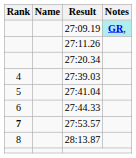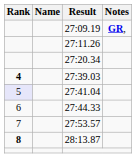 <table class="wikitable sortable" style="text-align:center">
 <tr>
 <th>Rank</th>
 <th>Name</th>
 <th>Result</th>
 <th>Notes</th>
 </tr>
 <tr>
 <td></td>
 <td align="left"></td>
 <td>27:09.19</td>
-<td style="background: paleturquoise;"><strong><a href='#'>GR</a></strong>, </td>
+<td><strong><a href='#'>GR</a></strong>, </td>
 </tr>
 <tr>
 <td></td>
 <td align="left"></td>
 <td>27:11.26</td>
 <td></td>
 </tr>
 <tr>
 <td></td>
 <td align="left"></td>
 <td>27:20.34</td>
 <td></td>
 </tr>
 <tr>
-<td>4</td>
+<td><strong>4</strong></td>
 <td align="left"></td>
 <td>27:39.03</td>
 <td></td>
 </tr>
 <tr>
-<td>5</td>
+<td style="background: lavender;">5</td>
 <td align="left"></td>
 <td>27:41.04</td>
 <td></td>
 </tr>
 <tr>
 <td>6</td>
 <td align="left"></td>
 <td>27:44.33</td>
 <td></td>
 </tr>
 <tr>
-<td><strong>7</strong></td>
+<td>7</td>
 <td align="left"></td>
 <td>27:53.57</td>
 <td></td>
 </tr>
 <tr>
-<td>8</td>
+<td><strong>8</strong></td>
 <td align="left"></td>
 <td>28:13.87</td>
 <td></td>
 </tr>
 <tr>
 <td></td>
 <td align="left"></td>
 <td colspan=2></td>
 </tr>
 </table>
